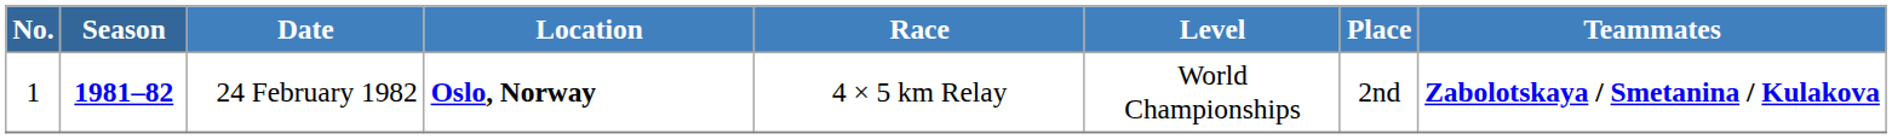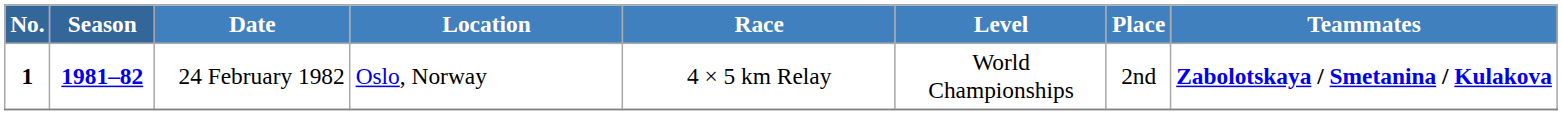 <table class="wikitable sortable" style="font-size:95%; text-align:center; border:grey solid 1px; border-collapse:collapse; background:#ffffff;">
 <tr style="background:#efefef;">
 <th style="background-color:#369; color:white;">No.</th>
 <th style="background-color:#369; color:white;">Season</th>
 <th style="background-color:#4180be; color:white; width:120px;">Date</th>
 <th style="background-color:#4180be; color:white; width:170px;">Location</th>
 <th style="background-color:#4180be; color:white; width:170px;">Race</th>
 <th style="background-color:#4180be; color:white; width:130px;">Level</th>
 <th style="background-color:#4180be; color:white;">Place</th>
 <th style="background-color:#4180be; color:white;">Teammates</th>
 </tr>
 <tr>
-<td align=center>1</td>
+<td align=center><strong>1</strong></td>
 <td rowspan=1 align=center><strong> <a href='#'>1981–82</a> </strong></td>
 <td align=right>24 February 1982</td>
-<td align=left><strong> <a href='#'>Oslo</a>, Norway</strong></td>
+<td align=left> <a href='#'>Oslo</a>, Norway</td>
 <td>4 × 5 km Relay</td>
 <td>World Championships</td>
 <td>2nd</td>
 <td><strong><a href='#'>Zabolotskaya</a> / <a href='#'>Smetanina</a> / <a href='#'>Kulakova</a></strong></td>
 </tr>
 <tr>
 </tr>
 </table>
